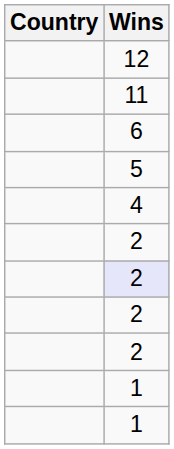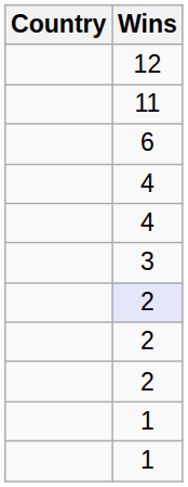 <table class="sortable plainrowheaders wikitable" style="text-align:center;">
 <tr>
 <th>Country</th>
 <th>Wins</th>
 </tr>
 <tr>
 <td align="left"></td>
 <td>12</td>
 </tr>
 <tr>
 <td align="left"></td>
 <td>11</td>
 </tr>
 <tr>
 <td align="left"></td>
 <td>6</td>
 </tr>
 <tr>
 <td align="left"></td>
-<td>5</td>
+<td>4</td>
 </tr>
 <tr>
 <td align="left"></td>
 <td>4</td>
 </tr>
 <tr>
 <td align="left"></td>
-<td>2</td>
+<td>3</td>
 </tr>
 <tr>
 <td align="left"></td>
 <td style="background: lavender;">2</td>
 </tr>
 <tr>
 <td align="left"></td>
 <td>2</td>
 </tr>
 <tr>
 <td align="left"></td>
 <td>2</td>
 </tr>
 <tr>
 <td align="left"></td>
 <td>1</td>
 </tr>
 <tr>
 <td align="left"></td>
 <td>1</td>
 </tr>
 </table>
